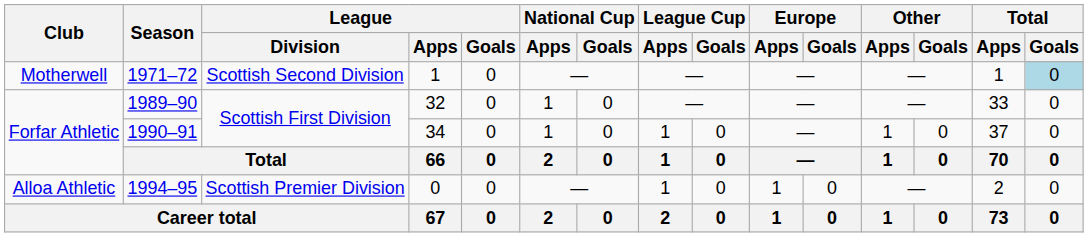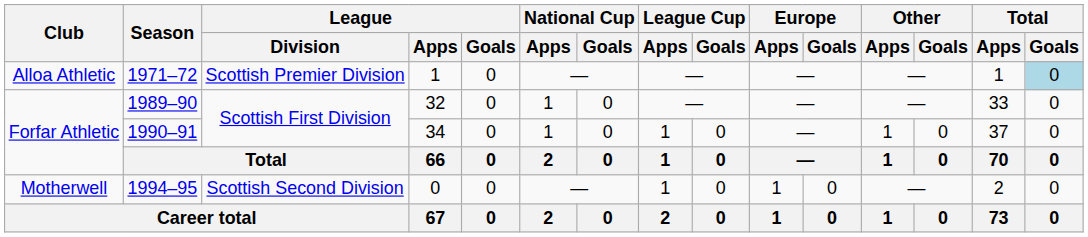 <table class="wikitable" style="text-align: center;">
 <tr>
 <th rowspan="2">Club</th>
 <th rowspan="2">Season</th>
 <th colspan="3">League</th>
 <th colspan="2">National Cup</th>
 <th colspan="2">League Cup</th>
 <th colspan="2">Europe</th>
 <th colspan="2">Other</th>
 <th colspan="2">Total</th>
 </tr>
 <tr>
 <th>Division</th>
 <th>Apps</th>
 <th>Goals</th>
 <th>Apps</th>
 <th>Goals</th>
 <th>Apps</th>
 <th>Goals</th>
 <th>Apps</th>
 <th>Goals</th>
 <th>Apps</th>
 <th>Goals</th>
 <th>Apps</th>
 <th>Goals</th>
 </tr>
 <tr>
-<td><a href='#'>Motherwell</a></td>
+<td><a href='#'>Alloa Athletic</a></td>
 <td><a href='#'>1971–72</a></td>
-<td><a href='#'>Scottish Second Division</a></td>
+<td><a href='#'>Scottish Premier Division</a></td>
 <td>1</td>
 <td>0</td>
 <td colspan="2">—</td>
 <td colspan="2">—</td>
 <td colspan="2">—</td>
 <td colspan="2">—</td>
 <td>1</td>
 <td style="background: lightblue;">0</td>
 </tr>
 <tr>
 <td rowspan="3"><a href='#'>Forfar Athletic</a></td>
 <td><a href='#'>1989–90</a></td>
 <td rowspan="2"><a href='#'>Scottish First Division</a></td>
 <td>32</td>
 <td>0</td>
 <td>1</td>
 <td>0</td>
 <td colspan="2">—</td>
 <td colspan="2">—</td>
 <td colspan="2">—</td>
 <td>33</td>
 <td>0</td>
 </tr>
 <tr>
 <td><a href='#'>1990–91</a></td>
 <td>34</td>
 <td>0</td>
 <td>1</td>
 <td>0</td>
 <td>1</td>
 <td>0</td>
 <td colspan="2">—</td>
 <td>1</td>
 <td>0</td>
 <td>37</td>
 <td>0</td>
 </tr>
 <tr>
 <th colspan="2">Total</th>
 <th>66</th>
 <th>0</th>
 <th>2</th>
 <th>0</th>
 <th>1</th>
 <th>0</th>
 <th colspan="2">—</th>
 <th>1</th>
 <th>0</th>
 <th>70</th>
 <th>0</th>
 </tr>
 <tr>
-<td><a href='#'>Alloa Athletic</a></td>
+<td><a href='#'>Motherwell</a></td>
 <td><a href='#'>1994–95</a></td>
-<td><a href='#'>Scottish Premier Division</a></td>
+<td><a href='#'>Scottish Second Division</a></td>
 <td>0</td>
 <td>0</td>
 <td colspan="2">—</td>
 <td>1</td>
 <td>0</td>
 <td>1</td>
 <td>0</td>
 <td colspan="2">—</td>
 <td>2</td>
 <td>0</td>
 </tr>
 <tr>
 <th colspan="3">Career total</th>
 <th>67</th>
 <th>0</th>
 <th>2</th>
 <th>0</th>
 <th>2</th>
 <th>0</th>
 <th>1</th>
 <th>0</th>
 <th>1</th>
 <th>0</th>
 <th>73</th>
 <th>0</th>
 </tr>
 </table>
